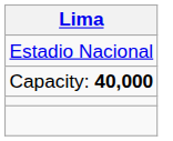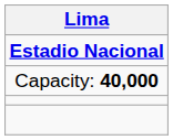 <table class="wikitable" style="text-align:center">
 <tr>
 <th><a href='#'>Lima</a></th>
 </tr>
 <tr>
-<td><a href='#'>Estadio Nacional</a></td>
+<td><strong><a href='#'>Estadio Nacional</a></strong></td>
 </tr>
 <tr>
 <td>Capacity: <strong>40,000</strong></td>
 </tr>
 <tr>
 <td></td>
 </tr>
 <tr>
 <td colspan="1"><br></td>
 </tr>
 </table>
